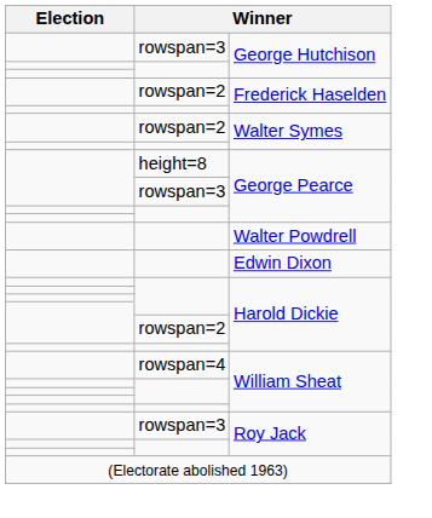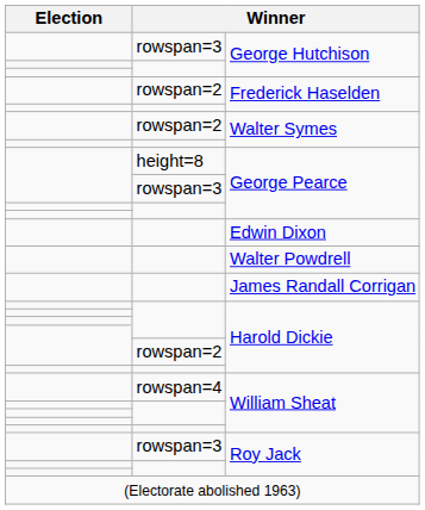 <table class=wikitable>
 <tr>
 <th width=110>Election</th>
 <th width=175 colspan=2>Winner</th>
 </tr>
 <tr>
 <td></td>
 <td>rowspan=3 </td>
 <td rowspan=3><a href='#'>George Hutchison</a></td>
 </tr>
 <tr>
 <td></td>
 </tr>
 <tr>
 <td></td>
 </tr>
 <tr>
 <td></td>
 <td>rowspan=2 </td>
 <td rowspan=2><a href='#'>Frederick Haselden</a></td>
 </tr>
 <tr>
 <td></td>
 </tr>
 <tr>
 <td></td>
 <td>rowspan=2 </td>
 <td rowspan=2><a href='#'>Walter Symes</a></td>
 </tr>
 <tr>
 <td></td>
 </tr>
 <tr>
 <td rowspan=2></td>
 <td>height=8 </td>
 <td rowspan=4><a href='#'>George Pearce</a></td>
 </tr>
 <tr>
 <td>rowspan=3 </td>
 </tr>
 <tr>
 <td></td>
 </tr>
 <tr>
 <td></td>
 </tr>
 <tr>
 <td></td>
 <td></td>
+<td><a href='#'>Edwin Dixon</a></td>
+</tr>
+<tr>
+<td></td>
+<td></td>
 <td><a href='#'>Walter Powdrell</a></td>
 </tr>
 <tr>
 <td></td>
 <td></td>
-<td><a href='#'>Edwin Dixon</a></td>
+<td><a href='#'>James Randall Corrigan</a></td>
 </tr>
 <tr>
 <td></td>
 <td rowspan=3 style="border-bottom:solid 0 grey; background:"></td>
 <td rowspan=6><a href='#'>Harold Dickie</a></td>
 </tr>
 <tr>
 <td></td>
 </tr>
 <tr>
 <td></td>
 </tr>
 <tr>
 <td rowspan=2></td>
 <td height=5 style="border-top:solid 0 grey; background:"></td>
 </tr>
 <tr>
 <td>rowspan=2 </td>
 </tr>
 <tr>
 <td></td>
 </tr>
 <tr>
 <td></td>
 <td>rowspan=4 </td>
 <td rowspan=5><a href='#'>William Sheat</a></td>
 </tr>
 <tr>
 <td></td>
 </tr>
 <tr>
 <td></td>
 </tr>
 <tr>
 <td></td>
 </tr>
 <tr>
 <td></td>
 <td></td>
 </tr>
 <tr>
 <td></td>
 <td>rowspan=3 </td>
 <td rowspan=3><a href='#'>Roy Jack</a></td>
 </tr>
 <tr>
 <td></td>
 </tr>
 <tr>
 <td></td>
 </tr>
 <tr>
 <td colspan=3 align=center><small>(Electorate abolished 1963)</small></td>
 </tr>
 </table>
